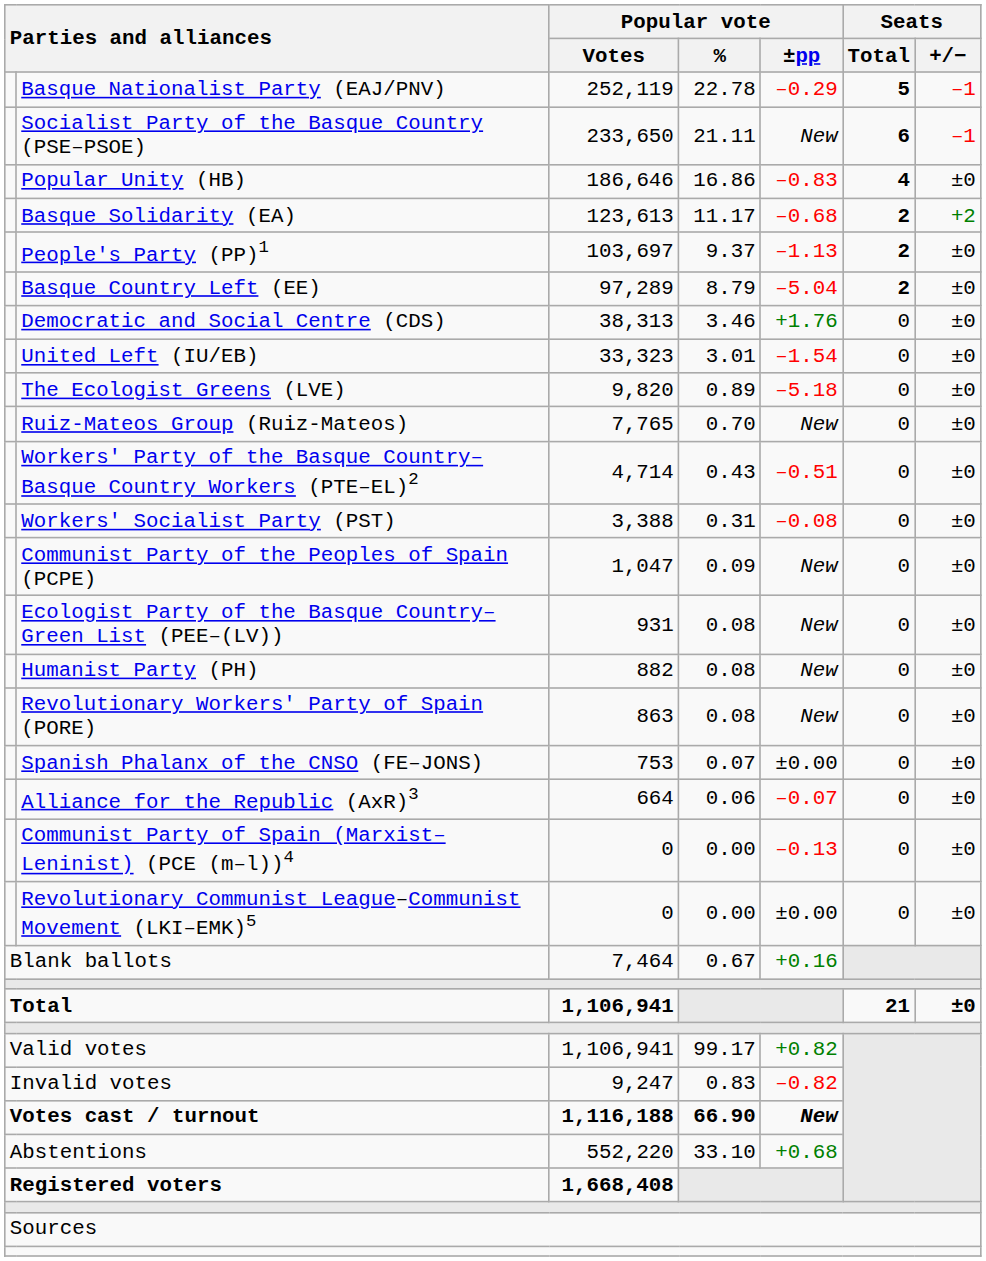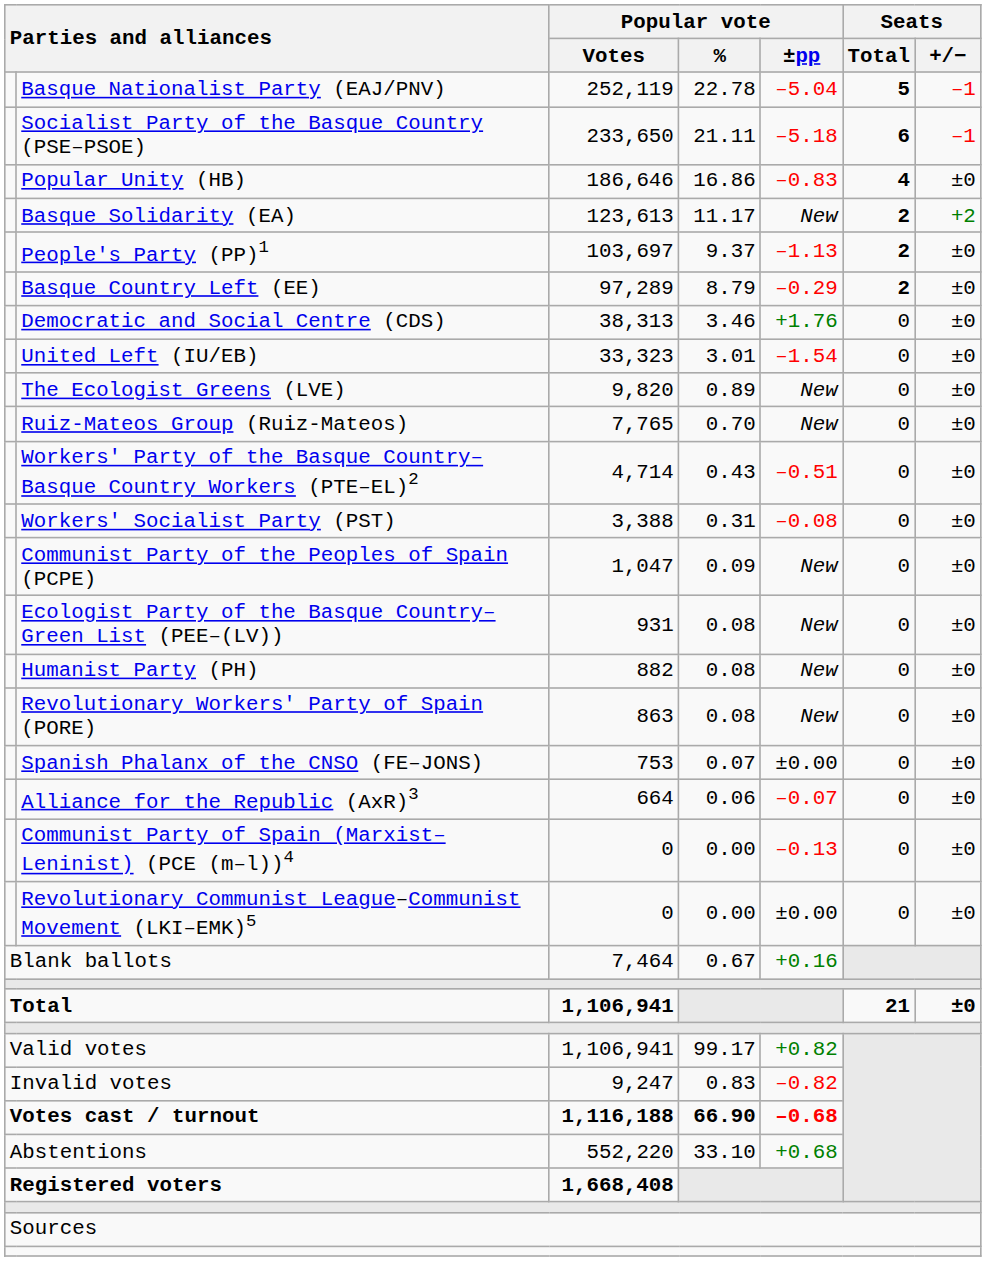 <table class="wikitable" style="text-align:right;">
 <tr>
 <th style="text-align:left;" rowspan="2" colspan="2" width="525">Parties and alliances</th>
 <th colspan="3">Popular vote</th>
 <th colspan="2">Seats</th>
 </tr>
 <tr>
 <th width="75">Votes</th>
 <th width="45">%</th>
 <th width="45">±<a href='#'>pp</a></th>
 <th width="35">Total</th>
 <th width="35">+/−</th>
 </tr>
 <tr>
 <td width="1" style="color:inherit;background:"></td>
 <td align="left"><a href='#'>Basque Nationalist Party</a> (EAJ/PNV)</td>
 <td>252,119</td>
 <td>22.78</td>
-<td style="color:red;">–0.29</td>
+<td style="color:red;">–5.04</td>
 <td><strong>5</strong></td>
 <td style="color:red;">–1</td>
 </tr>
 <tr>
 <td style="color:inherit;background:"></td>
 <td align="left"><a href='#'>Socialist Party of the Basque Country</a> (PSE–PSOE)</td>
 <td>233,650</td>
 <td>21.11</td>
-<td><em>New</em></td>
+<td style="color:red;">–5.18</td>
 <td><strong>6</strong></td>
 <td style="color:red;">–1</td>
 </tr>
 <tr>
 <td style="color:inherit;background:"></td>
 <td align="left"><a href='#'>Popular Unity</a> (HB)</td>
 <td>186,646</td>
 <td>16.86</td>
 <td style="color:red;">–0.83</td>
 <td><strong>4</strong></td>
 <td>±0</td>
 </tr>
 <tr>
 <td style="color:inherit;background:"></td>
 <td align="left"><a href='#'>Basque Solidarity</a> (EA)</td>
 <td>123,613</td>
 <td>11.17</td>
-<td style="color:red;">–0.68</td>
+<td><em>New</em></td>
 <td><strong>2</strong></td>
 <td style="color:green;">+2</td>
 </tr>
 <tr>
 <td style="color:inherit;background:"></td>
 <td align="left"><a href='#'>People's Party</a> (PP)<sup>1</sup></td>
 <td>103,697</td>
 <td>9.37</td>
 <td style="color:red;">–1.13</td>
 <td><strong>2</strong></td>
 <td>±0</td>
 </tr>
 <tr>
 <td style="color:inherit;background:"></td>
 <td align="left"><a href='#'>Basque Country Left</a> (EE)</td>
 <td>97,289</td>
 <td>8.79</td>
-<td style="color:red;">–5.04</td>
+<td style="color:red;">–0.29</td>
 <td><strong>2</strong></td>
 <td>±0</td>
 </tr>
 <tr>
 <td style="color:inherit;background:"></td>
 <td align="left"><a href='#'>Democratic and Social Centre</a> (CDS)</td>
 <td>38,313</td>
 <td>3.46</td>
 <td style="color:green;">+1.76</td>
 <td>0</td>
 <td>±0</td>
 </tr>
 <tr>
 <td style="color:inherit;background:"></td>
 <td align="left"><a href='#'>United Left</a> (IU/EB)</td>
 <td>33,323</td>
 <td>3.01</td>
 <td style="color:red;">–1.54</td>
 <td>0</td>
 <td>±0</td>
 </tr>
 <tr>
 <td style="color:inherit;background:"></td>
 <td align="left"><a href='#'>The Ecologist Greens</a> (LVE)</td>
 <td>9,820</td>
 <td>0.89</td>
-<td style="color:red;">–5.18</td>
+<td><em>New</em></td>
 <td>0</td>
 <td>±0</td>
 </tr>
 <tr>
 <td style="color:inherit;background:"></td>
 <td align="left"><a href='#'>Ruiz-Mateos Group</a> (Ruiz-Mateos)</td>
 <td>7,765</td>
 <td>0.70</td>
 <td><em>New</em></td>
 <td>0</td>
 <td>±0</td>
 </tr>
 <tr>
 <td style="color:inherit;background:"></td>
 <td align="left"><a href='#'>Workers' Party of the Basque Country–Basque Country Workers</a> (PTE–EL)<sup>2</sup></td>
 <td>4,714</td>
 <td>0.43</td>
 <td style="color:red;">–0.51</td>
 <td>0</td>
 <td>±0</td>
 </tr>
 <tr>
 <td style="color:inherit;background:"></td>
 <td align="left"><a href='#'>Workers' Socialist Party</a> (PST)</td>
 <td>3,388</td>
 <td>0.31</td>
 <td style="color:red;">–0.08</td>
 <td>0</td>
 <td>±0</td>
 </tr>
 <tr>
 <td style="color:inherit;background:"></td>
 <td align="left"><a href='#'>Communist Party of the Peoples of Spain</a> (PCPE)</td>
 <td>1,047</td>
 <td>0.09</td>
 <td><em>New</em></td>
 <td>0</td>
 <td>±0</td>
 </tr>
 <tr>
 <td style="color:inherit;background:"></td>
 <td align="left"><a href='#'>Ecologist Party of the Basque Country–Green List</a> (PEE–(LV))</td>
 <td>931</td>
 <td>0.08</td>
 <td><em>New</em></td>
 <td>0</td>
 <td>±0</td>
 </tr>
 <tr>
 <td style="color:inherit;background:"></td>
 <td align="left"><a href='#'>Humanist Party</a> (PH)</td>
 <td>882</td>
 <td>0.08</td>
 <td><em>New</em></td>
 <td>0</td>
 <td>±0</td>
 </tr>
 <tr>
 <td style="color:inherit;background:"></td>
 <td align="left"><a href='#'>Revolutionary Workers' Party of Spain</a> (PORE)</td>
 <td>863</td>
 <td>0.08</td>
 <td><em>New</em></td>
 <td>0</td>
 <td>±0</td>
 </tr>
 <tr>
 <td style="color:inherit;background:"></td>
 <td align="left"><a href='#'>Spanish Phalanx of the CNSO</a> (FE–JONS)</td>
 <td>753</td>
 <td>0.07</td>
 <td>±0.00</td>
 <td>0</td>
 <td>±0</td>
 </tr>
 <tr>
 <td style="color:inherit;background:"></td>
 <td align="left"><a href='#'>Alliance for the Republic</a> (AxR)<sup>3</sup></td>
 <td>664</td>
 <td>0.06</td>
 <td style="color:red;">–0.07</td>
 <td>0</td>
 <td>±0</td>
 </tr>
 <tr>
 <td style="color:inherit;background:"></td>
 <td align="left"><a href='#'>Communist Party of Spain (Marxist–Leninist)</a> (PCE (m–l))<sup>4</sup></td>
 <td>0</td>
 <td>0.00</td>
 <td style="color:red;">–0.13</td>
 <td>0</td>
 <td>±0</td>
 </tr>
 <tr>
 <td style="color:inherit;background:"></td>
 <td align="left"><a href='#'>Revolutionary Communist League</a>–<a href='#'>Communist Movement</a> (LKI–EMK)<sup>5</sup></td>
 <td>0</td>
 <td>0.00</td>
 <td>±0.00</td>
 <td>0</td>
 <td>±0</td>
 </tr>
 <tr>
 <td align="left" colspan="2">Blank ballots</td>
 <td>7,464</td>
 <td>0.67</td>
 <td style="color:green;">+0.16</td>
 <td bgcolor="#E9E9E9" colspan="2"></td>
 </tr>
 <tr>
 <td colspan="7" bgcolor="#E9E9E9"></td>
 </tr>
 <tr style="font-weight:bold;">
 <td align="left" colspan="2">Total</td>
 <td>1,106,941</td>
 <td bgcolor="#E9E9E9" colspan="2"></td>
 <td>21</td>
 <td>±0</td>
 </tr>
 <tr>
 <td colspan="7" bgcolor="#E9E9E9"></td>
 </tr>
 <tr>
 <td align="left" colspan="2">Valid votes</td>
 <td>1,106,941</td>
 <td>99.17</td>
 <td style="color:green;">+0.82</td>
 <td bgcolor="#E9E9E9" colspan="2" rowspan="5"></td>
 </tr>
 <tr>
 <td align="left" colspan="2">Invalid votes</td>
 <td>9,247</td>
 <td>0.83</td>
 <td style="color:red;">–0.82</td>
 </tr>
 <tr style="font-weight:bold;">
 <td align="left" colspan="2">Votes cast / turnout</td>
 <td>1,116,188</td>
 <td>66.90</td>
-<td><em>New</em></td>
+<td style="color:red;">–0.68</td>
 </tr>
 <tr>
 <td align="left" colspan="2">Abstentions</td>
 <td>552,220</td>
 <td>33.10</td>
 <td style="color:green;">+0.68</td>
 </tr>
 <tr style="font-weight:bold;">
 <td align="left" colspan="2">Registered voters</td>
 <td>1,668,408</td>
 <td bgcolor="#E9E9E9" colspan="2"></td>
 </tr>
 <tr>
 <td colspan="7" bgcolor="#E9E9E9"></td>
 </tr>
 <tr>
 <td align="left" colspan="7">Sources</td>
 </tr>
 <tr>
 <td colspan="7" style="text-align:left; max-width:790px;"></td>
 </tr>
 </table>
